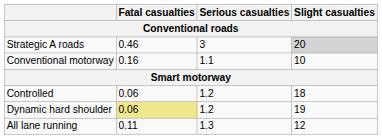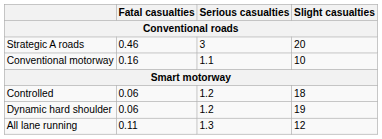 <table class="wikitable">
 <tr>
 <th></th>
 <th>Fatal casualties</th>
 <th>Serious casualties</th>
 <th>Slight casualties</th>
 </tr>
 <tr>
 <th colspan="4">Conventional roads</th>
 </tr>
 <tr>
 <td>Strategic A roads</td>
 <td>0.46</td>
 <td>3</td>
-<td style="background: lightgrey;">20</td>
+<td>20</td>
 </tr>
 <tr>
 <td>Conventional motorway</td>
 <td>0.16</td>
 <td>1.1</td>
 <td>10</td>
 </tr>
 <tr>
 <th colspan="4">Smart motorway</th>
 </tr>
 <tr>
 <td>Controlled</td>
 <td>0.06</td>
 <td>1.2</td>
 <td>18</td>
 </tr>
 <tr>
 <td>Dynamic hard shoulder</td>
-<td style="background: khaki;">0.06</td>
+<td>0.06</td>
 <td>1.2</td>
 <td>19</td>
 </tr>
 <tr>
 <td>All lane running</td>
 <td>0.11</td>
 <td>1.3</td>
 <td>12</td>
 </tr>
 </table>
